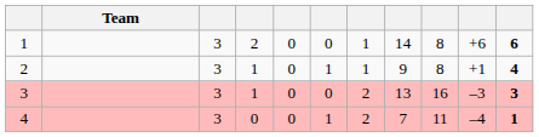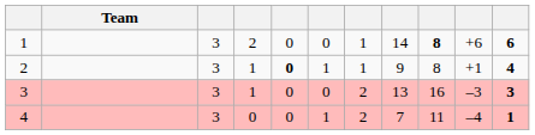 <table class="wikitable" style="text-align: center; font-size: 100%;">
 <tr>
 <th width="30"></th>
 <th width="150">Team</th>
 <th width="30"></th>
 <th width="30"></th>
 <th width="30"></th>
 <th width="30"></th>
 <th width="30"></th>
 <th width="30"></th>
 <th width="30"></th>
 <th width="30"></th>
 <th width="30"></th>
 </tr>
 <tr>
 <td>1</td>
 <td align="left"></td>
 <td>3</td>
 <td>2</td>
 <td>0</td>
 <td>0</td>
 <td>1</td>
 <td>14</td>
-<td>8</td>
+<td><strong>8</strong></td>
 <td>+6</td>
 <td><strong>6</strong></td>
 </tr>
 <tr>
 <td>2</td>
 <td align="left"></td>
 <td>3</td>
 <td>1</td>
-<td>0</td>
+<td><strong>0</strong></td>
 <td>1</td>
 <td>1</td>
 <td>9</td>
 <td>8</td>
 <td>+1</td>
 <td><strong>4</strong></td>
 </tr>
 <tr style="background-color: #FFBBBB">
 <td>3</td>
 <td align="left"></td>
 <td>3</td>
 <td>1</td>
 <td>0</td>
 <td>0</td>
 <td>2</td>
 <td>13</td>
 <td>16</td>
 <td>–3</td>
 <td><strong>3</strong></td>
 </tr>
 <tr style="background-color: #FFBBBB">
 <td>4</td>
 <td align="left"></td>
 <td>3</td>
 <td>0</td>
 <td>0</td>
 <td>1</td>
 <td>2</td>
 <td>7</td>
 <td>11</td>
 <td>–4</td>
 <td><strong>1</strong></td>
 </tr>
 </table>
